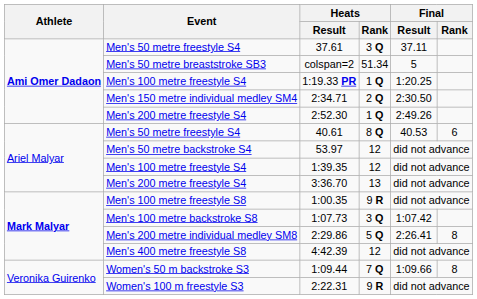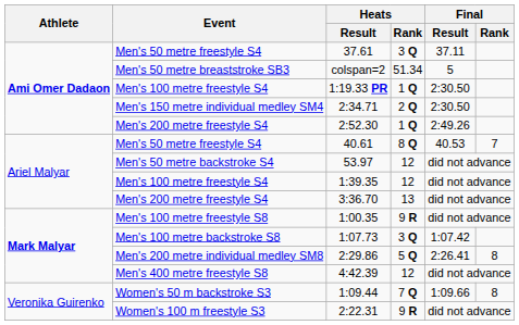 <table class=wikitable style="font-size:90%; text-align:center;">
 <tr>
 <th rowspan="2">Athlete</th>
 <th rowspan="2">Event</th>
 <th colspan="2">Heats</th>
 <th colspan="2">Final</th>
 </tr>
 <tr>
 <th>Result</th>
 <th>Rank</th>
 <th>Result</th>
 <th>Rank</th>
 </tr>
 <tr align=center>
 <td align=left rowspan=5><strong><a href='#'>Ami Omer Dadaon</a></strong></td>
 <td align=left><a href='#'>Men's 50 metre freestyle S4</a></td>
 <td>37.61</td>
 <td>3 <strong>Q</strong></td>
 <td>37.11</td>
 <td></td>
 </tr>
 <tr>
 <td align=left><a href='#'>Men's 50 metre breaststroke SB3</a></td>
 <td>colspan=2 </td>
 <td>51.34</td>
 <td>5</td>
 </tr>
 <tr>
 <td align=left><a href='#'>Men's 100 metre freestyle S4</a></td>
 <td>1:19.33 <strong><a href='#'>PR</a></strong></td>
 <td>1 <strong>Q</strong></td>
-<td>1:20.25</td>
+<td>2:30.50</td>
 <td></td>
 </tr>
 <tr>
 <td align=left><a href='#'>Men's 150 metre individual medley SM4</a></td>
 <td>2:34.71</td>
 <td>2 <strong>Q</strong></td>
 <td>2:30.50</td>
 <td></td>
 </tr>
 <tr>
 <td align=left><a href='#'>Men's 200 metre freestyle S4</a></td>
 <td>2:52.30</td>
 <td>1 <strong>Q</strong></td>
 <td>2:49.26</td>
 <td></td>
 </tr>
 <tr align=center>
 <td align=left rowspan=4><a href='#'>Ariel Malyar</a></td>
 <td align=left><a href='#'>Men's 50 metre freestyle S4</a></td>
 <td>40.61</td>
 <td>8 <strong>Q</strong></td>
 <td>40.53</td>
-<td>6</td>
+<td>7</td>
 </tr>
 <tr>
 <td align=left><a href='#'>Men's 50 metre backstroke S4</a></td>
 <td>53.97</td>
 <td>12</td>
 <td colspan=2>did not advance</td>
 </tr>
 <tr>
 <td align=left><a href='#'>Men's 100 metre freestyle S4</a></td>
 <td>1:39.35</td>
 <td>12</td>
 <td colspan=2>did not advance</td>
 </tr>
 <tr>
 <td align=left><a href='#'>Men's 200 metre freestyle S4</a></td>
 <td>3:36.70</td>
 <td>13</td>
 <td colspan=2>did not advance</td>
 </tr>
 <tr align=center>
 <td align=left rowspan=4><strong><a href='#'>Mark Malyar</a></strong></td>
 <td align=left><a href='#'>Men's 100 metre freestyle S8</a></td>
 <td>1:00.35</td>
 <td>9 <strong>R</strong></td>
 <td colspan=2>did not advance</td>
 </tr>
 <tr>
 <td align=left><a href='#'>Men's 100 metre backstroke S8</a></td>
 <td>1:07.73</td>
 <td>3 <strong>Q</strong></td>
 <td>1:07.42</td>
 <td></td>
 </tr>
 <tr>
 <td align=left><a href='#'>Men's 200 metre individual medley SM8</a></td>
 <td>2:29.86</td>
 <td>5 <strong>Q</strong></td>
 <td>2:26.41</td>
 <td>8</td>
 </tr>
 <tr>
 <td align=left><a href='#'>Men's 400 metre freestyle S8</a></td>
 <td>4:42.39</td>
 <td>12</td>
 <td colspan=2>did not advance</td>
 </tr>
 <tr align=center>
 <td align=left rowspan=2><a href='#'>Veronika Guirenko</a></td>
 <td align=left><a href='#'>Women's 50 m backstroke S3</a></td>
 <td>1:09.44</td>
 <td>7 <strong>Q</strong></td>
 <td>1:09.66</td>
 <td>8</td>
 </tr>
 <tr>
 <td align=left><a href='#'>Women's 100 m freestyle S3</a></td>
 <td>2:22.31</td>
 <td>9 <strong>R</strong></td>
 <td colspan=2>did not advance</td>
 </tr>
 </table>
